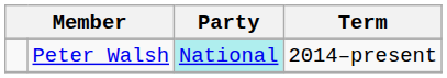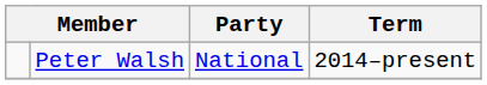 <table class="wikitable">
 <tr>
 <th colspan="2">Member</th>
 <th>Party</th>
 <th>Term</th>
 </tr>
 <tr>
 <td> </td>
 <td><a href='#'>Peter Walsh</a></td>
-<td style="background: paleturquoise;"><a href='#'>National</a></td>
+<td><a href='#'>National</a></td>
 <td>2014–present</td>
 </tr>
 <tr>
 </tr>
 </table>
